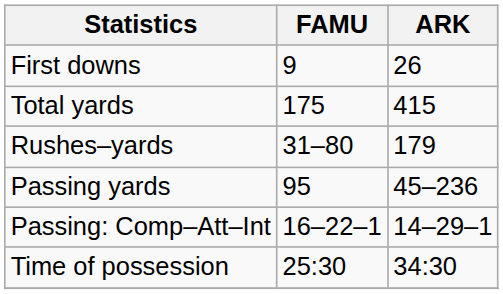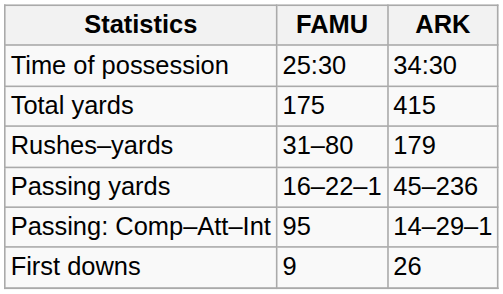 <table class="wikitable" style="float: left;">
 <tr>
 <th>Statistics</th>
 <th>FAMU</th>
 <th>ARK</th>
 </tr>
 <tr>
-<td>First downs</td>
-<td>9</td>
-<td>26</td>
+<td>Time of possession</td>
+<td>25:30</td>
+<td>34:30</td>
 </tr>
 <tr>
 <td>Total yards</td>
 <td>175</td>
 <td>415</td>
 </tr>
 <tr>
 <td>Rushes–yards</td>
 <td>31–80</td>
 <td>179</td>
 </tr>
 <tr>
 <td>Passing yards</td>
-<td>95</td>
+<td>16–22–1</td>
 <td>45–236</td>
 </tr>
 <tr>
 <td>Passing: Comp–Att–Int</td>
-<td>16–22–1</td>
+<td>95</td>
 <td>14–29–1</td>
 </tr>
 <tr>
-<td>Time of possession</td>
-<td>25:30</td>
-<td>34:30</td>
+<td>First downs</td>
+<td>9</td>
+<td>26</td>
 </tr>
 <tr>
 </tr>
 </table>
